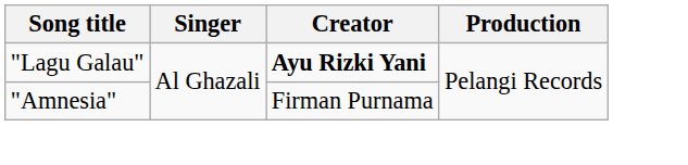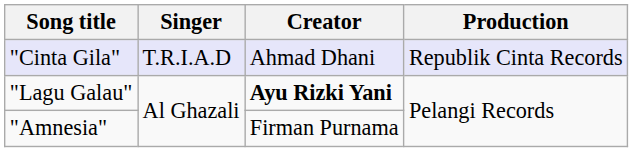 <table class="wikitable">
 <tr>
 <th>Song title</th>
 <th>Singer</th>
 <th>Creator</th>
 <th>Production</th>
+</tr>
+<tr style="background-color:#E6E6FA; color:black;">
+<td>"Cinta Gila"</td>
+<td>T.R.I.A.D</td>
+<td>Ahmad Dhani</td>
+<td>Republik Cinta Records</td>
 </tr>
 <tr>
 <td>"Lagu Galau"</td>
 <td rowspan="2">Al Ghazali</td>
 <td><strong>Ayu Rizki Yani</strong></td>
 <td rowspan="2">Pelangi Records</td>
 </tr>
 <tr>
 <td>"Amnesia"</td>
 <td>Firman Purnama</td>
 </tr>
 </table>
